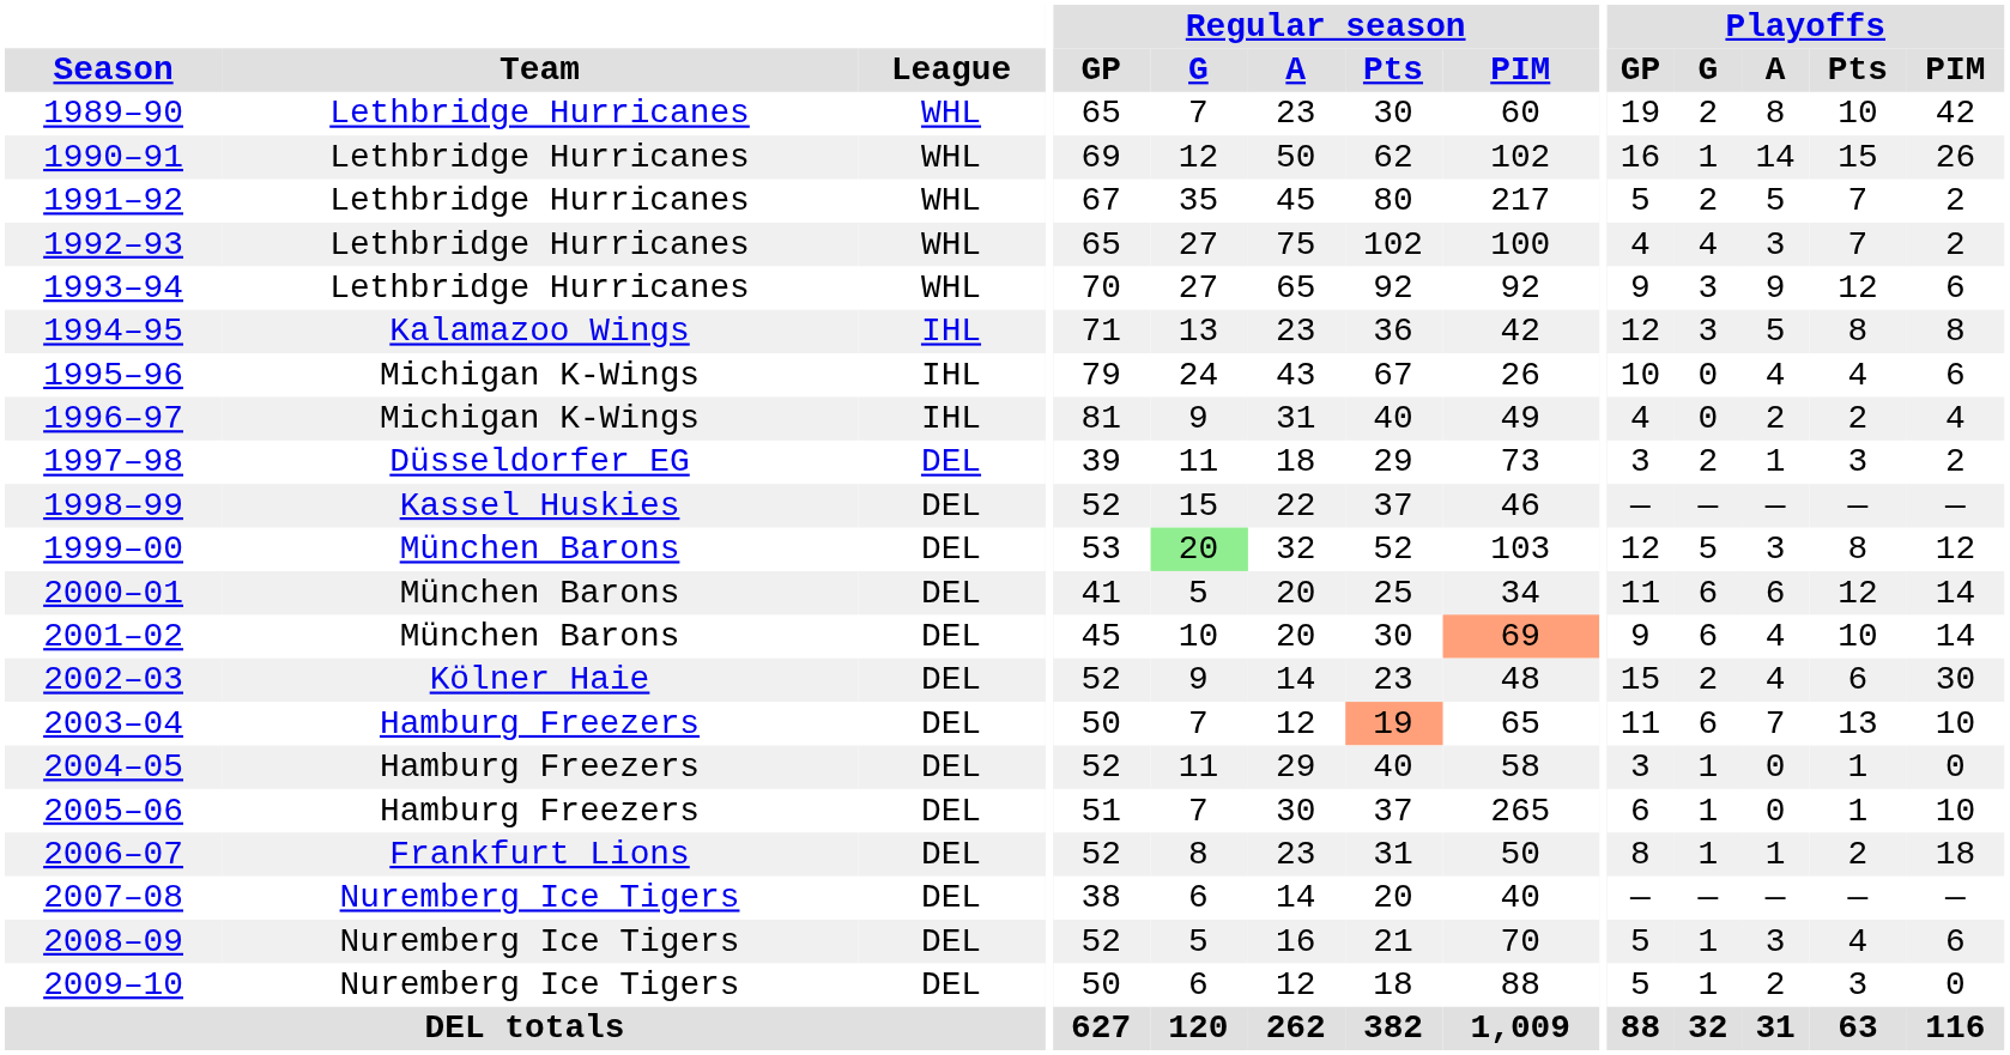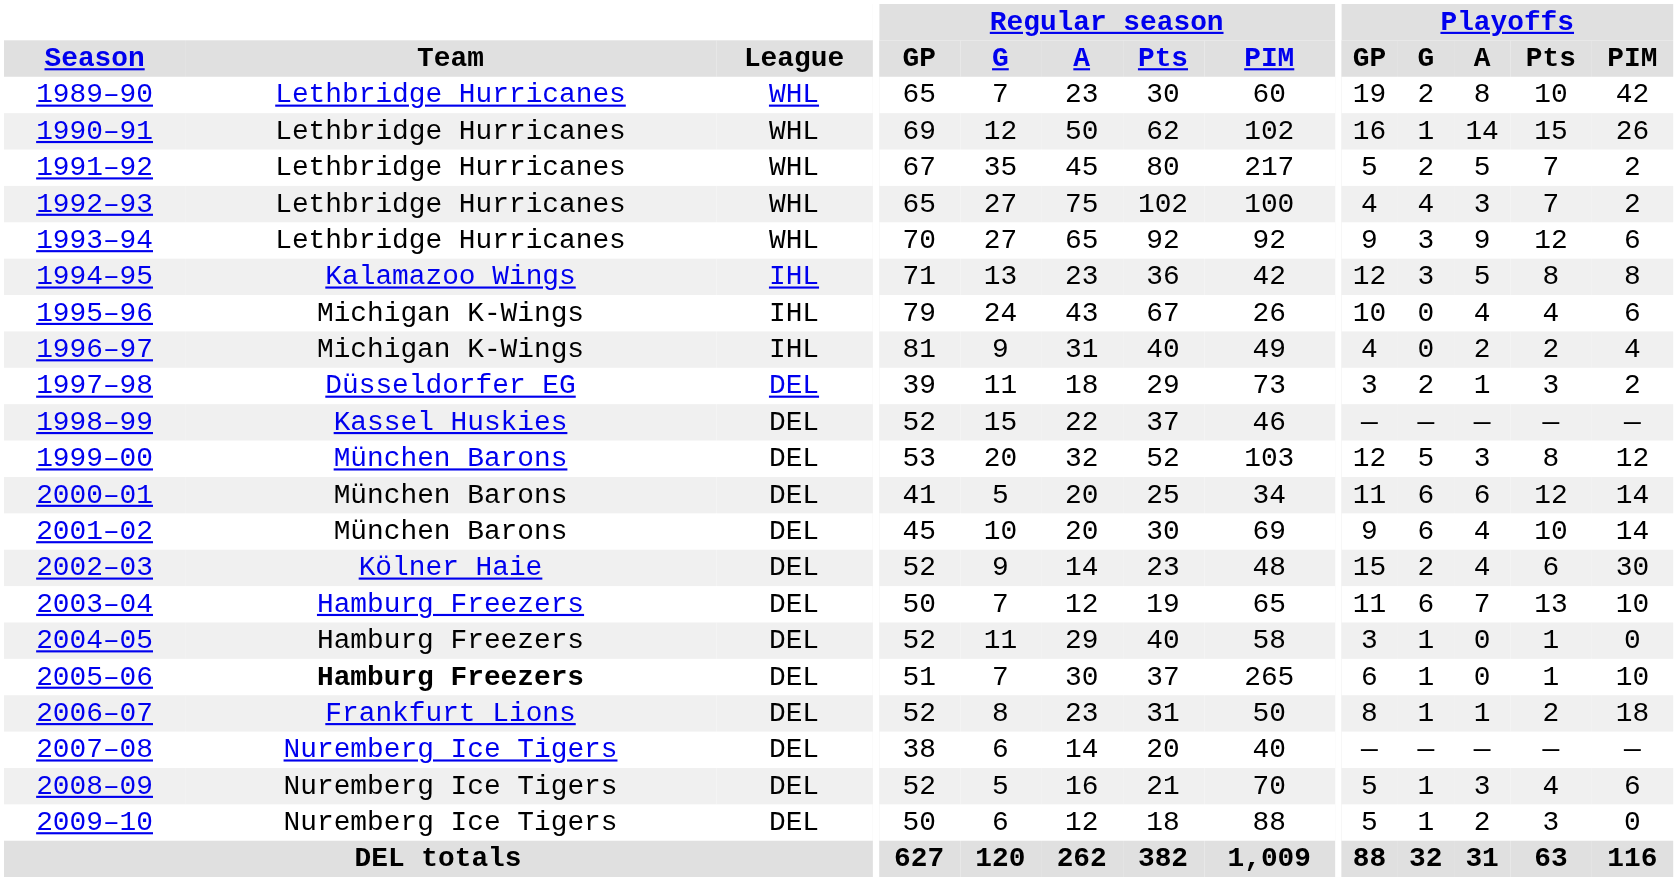 <table border="0" cellpadding="1" cellspacing="0" style="text-align:center; width:60em">
 <tr bgcolor="#e0e0e0">
 <th colspan="3" bgcolor="#ffffff"></th>
 <th rowspan="99" bgcolor="#ffffff"></th>
 <th colspan="5"><a href='#'>Regular season</a></th>
 <th rowspan="99" bgcolor="#ffffff"></th>
 <th colspan="5"><a href='#'>Playoffs</a></th>
 </tr>
 <tr bgcolor="#e0e0e0">
 <th><a href='#'>Season</a></th>
 <th>Team</th>
 <th>League</th>
 <th>GP</th>
 <th><a href='#'>G</a></th>
 <th><a href='#'>A</a></th>
 <th><a href='#'>Pts</a></th>
 <th><a href='#'>PIM</a></th>
 <th>GP</th>
 <th>G</th>
 <th>A</th>
 <th>Pts</th>
 <th>PIM</th>
 </tr>
 <tr>
 <td><a href='#'>1989–90</a></td>
 <td><a href='#'>Lethbridge Hurricanes</a></td>
 <td><a href='#'>WHL</a></td>
 <td>65</td>
 <td>7</td>
 <td>23</td>
 <td>30</td>
 <td>60</td>
 <td>19</td>
 <td>2</td>
 <td>8</td>
 <td>10</td>
 <td>42</td>
 </tr>
 <tr bgcolor="#f0f0f0">
 <td><a href='#'>1990–91</a></td>
 <td>Lethbridge Hurricanes</td>
 <td>WHL</td>
 <td>69</td>
 <td>12</td>
 <td>50</td>
 <td>62</td>
 <td>102</td>
 <td>16</td>
 <td>1</td>
 <td>14</td>
 <td>15</td>
 <td>26</td>
 </tr>
 <tr>
 <td><a href='#'>1991–92</a></td>
 <td>Lethbridge Hurricanes</td>
 <td>WHL</td>
 <td>67</td>
 <td>35</td>
 <td>45</td>
 <td>80</td>
 <td>217</td>
 <td>5</td>
 <td>2</td>
 <td>5</td>
 <td>7</td>
 <td>2</td>
 </tr>
 <tr bgcolor="#f0f0f0">
 <td><a href='#'>1992–93</a></td>
 <td>Lethbridge Hurricanes</td>
 <td>WHL</td>
 <td>65</td>
 <td>27</td>
 <td>75</td>
 <td>102</td>
 <td>100</td>
 <td>4</td>
 <td>4</td>
 <td>3</td>
 <td>7</td>
 <td>2</td>
 </tr>
 <tr>
 <td><a href='#'>1993–94</a></td>
 <td>Lethbridge Hurricanes</td>
 <td>WHL</td>
 <td>70</td>
 <td>27</td>
 <td>65</td>
 <td>92</td>
 <td>92</td>
 <td>9</td>
 <td>3</td>
 <td>9</td>
 <td>12</td>
 <td>6</td>
 </tr>
 <tr bgcolor="#f0f0f0">
 <td><a href='#'>1994–95</a></td>
 <td><a href='#'>Kalamazoo Wings</a></td>
 <td><a href='#'>IHL</a></td>
 <td>71</td>
 <td>13</td>
 <td>23</td>
 <td>36</td>
 <td>42</td>
 <td>12</td>
 <td>3</td>
 <td>5</td>
 <td>8</td>
 <td>8</td>
 </tr>
 <tr>
 <td><a href='#'>1995–96</a></td>
 <td>Michigan K-Wings</td>
 <td>IHL</td>
 <td>79</td>
 <td>24</td>
 <td>43</td>
 <td>67</td>
 <td>26</td>
 <td>10</td>
 <td>0</td>
 <td>4</td>
 <td>4</td>
 <td>6</td>
 </tr>
 <tr bgcolor="#f0f0f0">
 <td><a href='#'>1996–97</a></td>
 <td>Michigan K-Wings</td>
 <td>IHL</td>
 <td>81</td>
 <td>9</td>
 <td>31</td>
 <td>40</td>
 <td>49</td>
 <td>4</td>
 <td>0</td>
 <td>2</td>
 <td>2</td>
 <td>4</td>
 </tr>
 <tr>
 <td><a href='#'>1997–98</a></td>
 <td><a href='#'>Düsseldorfer EG</a></td>
 <td><a href='#'>DEL</a></td>
 <td>39</td>
 <td>11</td>
 <td>18</td>
 <td>29</td>
 <td>73</td>
 <td>3</td>
 <td>2</td>
 <td>1</td>
 <td>3</td>
 <td>2</td>
 </tr>
 <tr bgcolor="#f0f0f0">
 <td><a href='#'>1998–99</a></td>
 <td><a href='#'>Kassel Huskies</a></td>
 <td>DEL</td>
 <td>52</td>
 <td>15</td>
 <td>22</td>
 <td>37</td>
 <td>46</td>
 <td>—</td>
 <td>—</td>
 <td>—</td>
 <td>—</td>
 <td>—</td>
 </tr>
 <tr>
 <td><a href='#'>1999–00</a></td>
 <td><a href='#'>München Barons</a></td>
 <td>DEL</td>
 <td>53</td>
-<td style="background: lightgreen;">20</td>
+<td>20</td>
 <td>32</td>
 <td>52</td>
 <td>103</td>
 <td>12</td>
 <td>5</td>
 <td>3</td>
 <td>8</td>
 <td>12</td>
 </tr>
 <tr bgcolor="#f0f0f0">
 <td><a href='#'>2000–01</a></td>
 <td>München Barons</td>
 <td>DEL</td>
 <td>41</td>
 <td>5</td>
 <td>20</td>
 <td>25</td>
 <td>34</td>
 <td>11</td>
 <td>6</td>
 <td>6</td>
 <td>12</td>
 <td>14</td>
 </tr>
 <tr>
 <td><a href='#'>2001–02</a></td>
 <td>München Barons</td>
 <td>DEL</td>
 <td>45</td>
 <td>10</td>
 <td>20</td>
 <td>30</td>
-<td style="background: lightsalmon;">69</td>
+<td>69</td>
 <td>9</td>
 <td>6</td>
 <td>4</td>
 <td>10</td>
 <td>14</td>
 </tr>
 <tr bgcolor="#f0f0f0">
 <td><a href='#'>2002–03</a></td>
 <td><a href='#'>Kölner Haie</a></td>
 <td>DEL</td>
 <td>52</td>
 <td>9</td>
 <td>14</td>
 <td>23</td>
 <td>48</td>
 <td>15</td>
 <td>2</td>
 <td>4</td>
 <td>6</td>
 <td>30</td>
 </tr>
 <tr>
 <td><a href='#'>2003–04</a></td>
 <td><a href='#'>Hamburg Freezers</a></td>
 <td>DEL</td>
 <td>50</td>
 <td>7</td>
 <td>12</td>
-<td style="background: lightsalmon;">19</td>
+<td>19</td>
 <td>65</td>
 <td>11</td>
 <td>6</td>
 <td>7</td>
 <td>13</td>
 <td>10</td>
 </tr>
 <tr bgcolor="#f0f0f0">
 <td><a href='#'>2004–05</a></td>
 <td>Hamburg Freezers</td>
 <td>DEL</td>
 <td>52</td>
 <td>11</td>
 <td>29</td>
 <td>40</td>
 <td>58</td>
 <td>3</td>
 <td>1</td>
 <td>0</td>
 <td>1</td>
 <td>0</td>
 </tr>
 <tr>
 <td><a href='#'>2005–06</a></td>
-<td>Hamburg Freezers</td>
+<td><strong>Hamburg Freezers</strong></td>
 <td>DEL</td>
 <td>51</td>
 <td>7</td>
 <td>30</td>
 <td>37</td>
 <td>265</td>
 <td>6</td>
 <td>1</td>
 <td>0</td>
 <td>1</td>
 <td>10</td>
 </tr>
 <tr bgcolor="#f0f0f0">
 <td><a href='#'>2006–07</a></td>
 <td><a href='#'>Frankfurt Lions</a></td>
 <td>DEL</td>
 <td>52</td>
 <td>8</td>
 <td>23</td>
 <td>31</td>
 <td>50</td>
 <td>8</td>
 <td>1</td>
 <td>1</td>
 <td>2</td>
 <td>18</td>
 </tr>
 <tr>
 <td><a href='#'>2007–08</a></td>
 <td><a href='#'>Nuremberg Ice Tigers</a></td>
 <td>DEL</td>
 <td>38</td>
 <td>6</td>
 <td>14</td>
 <td>20</td>
 <td>40</td>
 <td>—</td>
 <td>—</td>
 <td>—</td>
 <td>—</td>
 <td>—</td>
 </tr>
 <tr bgcolor="#f0f0f0">
 <td><a href='#'>2008–09</a></td>
 <td>Nuremberg Ice Tigers</td>
 <td>DEL</td>
 <td>52</td>
 <td>5</td>
 <td>16</td>
 <td>21</td>
 <td>70</td>
 <td>5</td>
 <td>1</td>
 <td>3</td>
 <td>4</td>
 <td>6</td>
 </tr>
 <tr>
 <td><a href='#'>2009–10</a></td>
 <td>Nuremberg Ice Tigers</td>
 <td>DEL</td>
 <td>50</td>
 <td>6</td>
 <td>12</td>
 <td>18</td>
 <td>88</td>
 <td>5</td>
 <td>1</td>
 <td>2</td>
 <td>3</td>
 <td>0</td>
 </tr>
 <tr>
 </tr>
 <tr ALIGN="center" bgcolor="#e0e0e0">
 <th colspan="3">DEL totals</th>
 <th ALIGN="center">627</th>
 <th ALIGN="center">120</th>
 <th ALIGN="center">262</th>
 <th ALIGN="center">382</th>
 <th ALIGN="center">1,009</th>
 <th ALIGN="center">88</th>
 <th ALIGN="center">32</th>
 <th ALIGN="center">31</th>
 <th ALIGN="center">63</th>
 <th ALIGN="center">116</th>
 </tr>
 </table>
